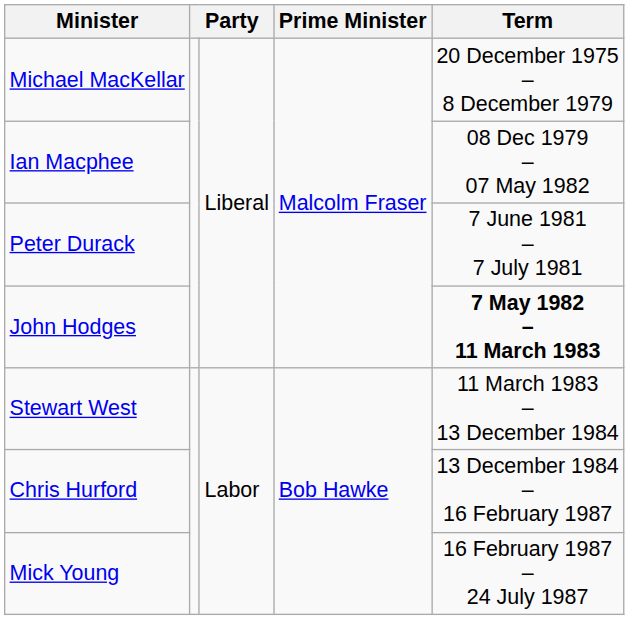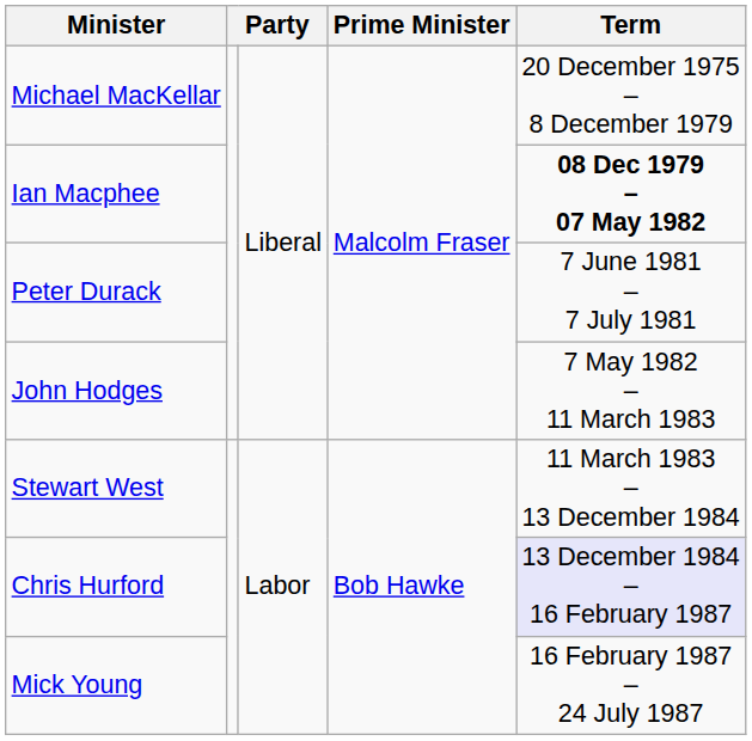 <table class=wikitable>
 <tr>
 <th>Minister</th>
 <th colspan=2>Party</th>
 <th>Prime Minister</th>
 <th>Term</th>
 </tr>
 <tr>
 <td><a href='#'>Michael MacKellar</a></td>
 <td rowspan=4 ></td>
 <td rowspan=4>Liberal</td>
 <td rowspan=4><a href='#'>Malcolm Fraser</a></td>
 <td style="text-align: center;">20 December 1975<br>–<br>8 December 1979</td>
 </tr>
 <tr>
 <td><a href='#'>Ian Macphee</a></td>
-<td style="text-align: center;">08 Dec 1979<br>–<br>07 May 1982</td>
+<td style="text-align: center;"><strong>08 Dec 1979<br>–<br>07 May 1982</strong></td>
 </tr>
 <tr>
 <td><a href='#'>Peter Durack</a></td>
 <td style="text-align: center;">7 June 1981<br>–<br>7 July 1981</td>
 </tr>
 <tr>
 <td><a href='#'>John Hodges</a></td>
-<td style="text-align: center;"><strong>7 May 1982<br>–<br>11 March 1983</strong></td>
+<td style="text-align: center;">7 May 1982<br>–<br>11 March 1983</td>
 </tr>
 <tr>
 <td><a href='#'>Stewart West</a></td>
 <td rowspan=3 ></td>
 <td rowspan=3>Labor</td>
 <td rowspan=3><a href='#'>Bob Hawke</a></td>
 <td style="text-align: center;">11 March 1983<br>–<br>13 December 1984</td>
 </tr>
 <tr>
 <td><a href='#'>Chris Hurford</a></td>
-<td style="text-align: center;">13 December 1984<br>–<br>16 February 1987</td>
+<td style="background: lavender; text-align: center;">13 December 1984<br>–<br>16 February 1987</td>
 </tr>
 <tr>
 <td><a href='#'>Mick Young</a></td>
 <td style="text-align: center;">16 February 1987<br>–<br>24 July 1987</td>
 </tr>
 </table>
